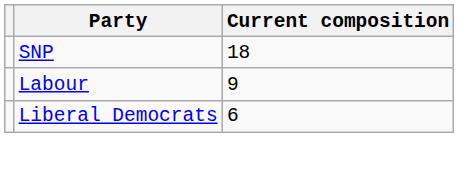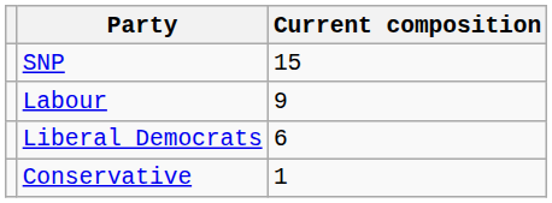 <table class="wikitable">
 <tr>
 <th></th>
 <th>Party</th>
 <th>Current composition</th>
 </tr>
 <tr>
 <td style="background:"></td>
 <td><a href='#'>SNP</a></td>
-<td>18</td>
+<td>15</td>
 </tr>
 <tr>
 <td style="background:"></td>
 <td><a href='#'>Labour</a></td>
 <td>9</td>
 </tr>
 <tr>
 <td style="background:"></td>
 <td><a href='#'>Liberal Democrats</a></td>
 <td>6</td>
 </tr>
+<tr>
+<td style="background:"></td>
+<td><a href='#'>Conservative</a></td>
+<td>1</td>
+</tr>
 </table>
